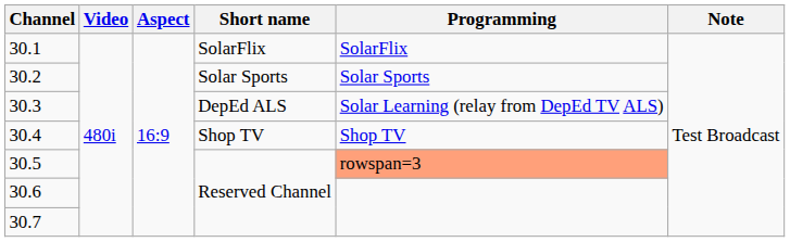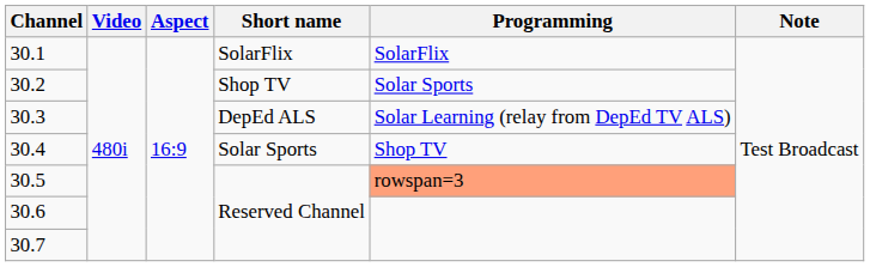 <table class="wikitable">
 <tr Solar>
 <th>Channel</th>
 <th><a href='#'>Video</a></th>
 <th><a href='#'>Aspect</a></th>
 <th>Short name</th>
 <th>Programming</th>
 <th>Note</th>
 </tr>
 <tr>
 <td>30.1</td>
 <td rowspan=7><a href='#'>480i</a></td>
 <td rowspan=7><a href='#'>16:9</a></td>
 <td>SolarFlix</td>
 <td><a href='#'>SolarFlix</a> </td>
 <td rowspan=7>Test Broadcast</td>
 </tr>
 <tr>
 <td>30.2</td>
-<td>Solar Sports</td>
+<td>Shop TV</td>
 <td><a href='#'>Solar Sports</a></td>
 </tr>
 <tr>
 <td>30.3</td>
 <td>DepEd ALS</td>
 <td><a href='#'>Solar Learning</a> (relay from <a href='#'>DepEd TV</a> <a href='#'>ALS</a>)</td>
 </tr>
 <tr>
 <td>30.4</td>
-<td>Shop TV</td>
+<td>Solar Sports</td>
 <td><a href='#'>Shop TV</a></td>
 </tr>
 <tr>
 <td>30.5</td>
 <td rowspan=3>Reserved Channel</td>
 <td style="background: lightsalmon;">rowspan=3 </td>
 </tr>
 <tr>
 <td>30.6</td>
 </tr>
 <tr>
 <td>30.7</td>
 </tr>
 </table>
